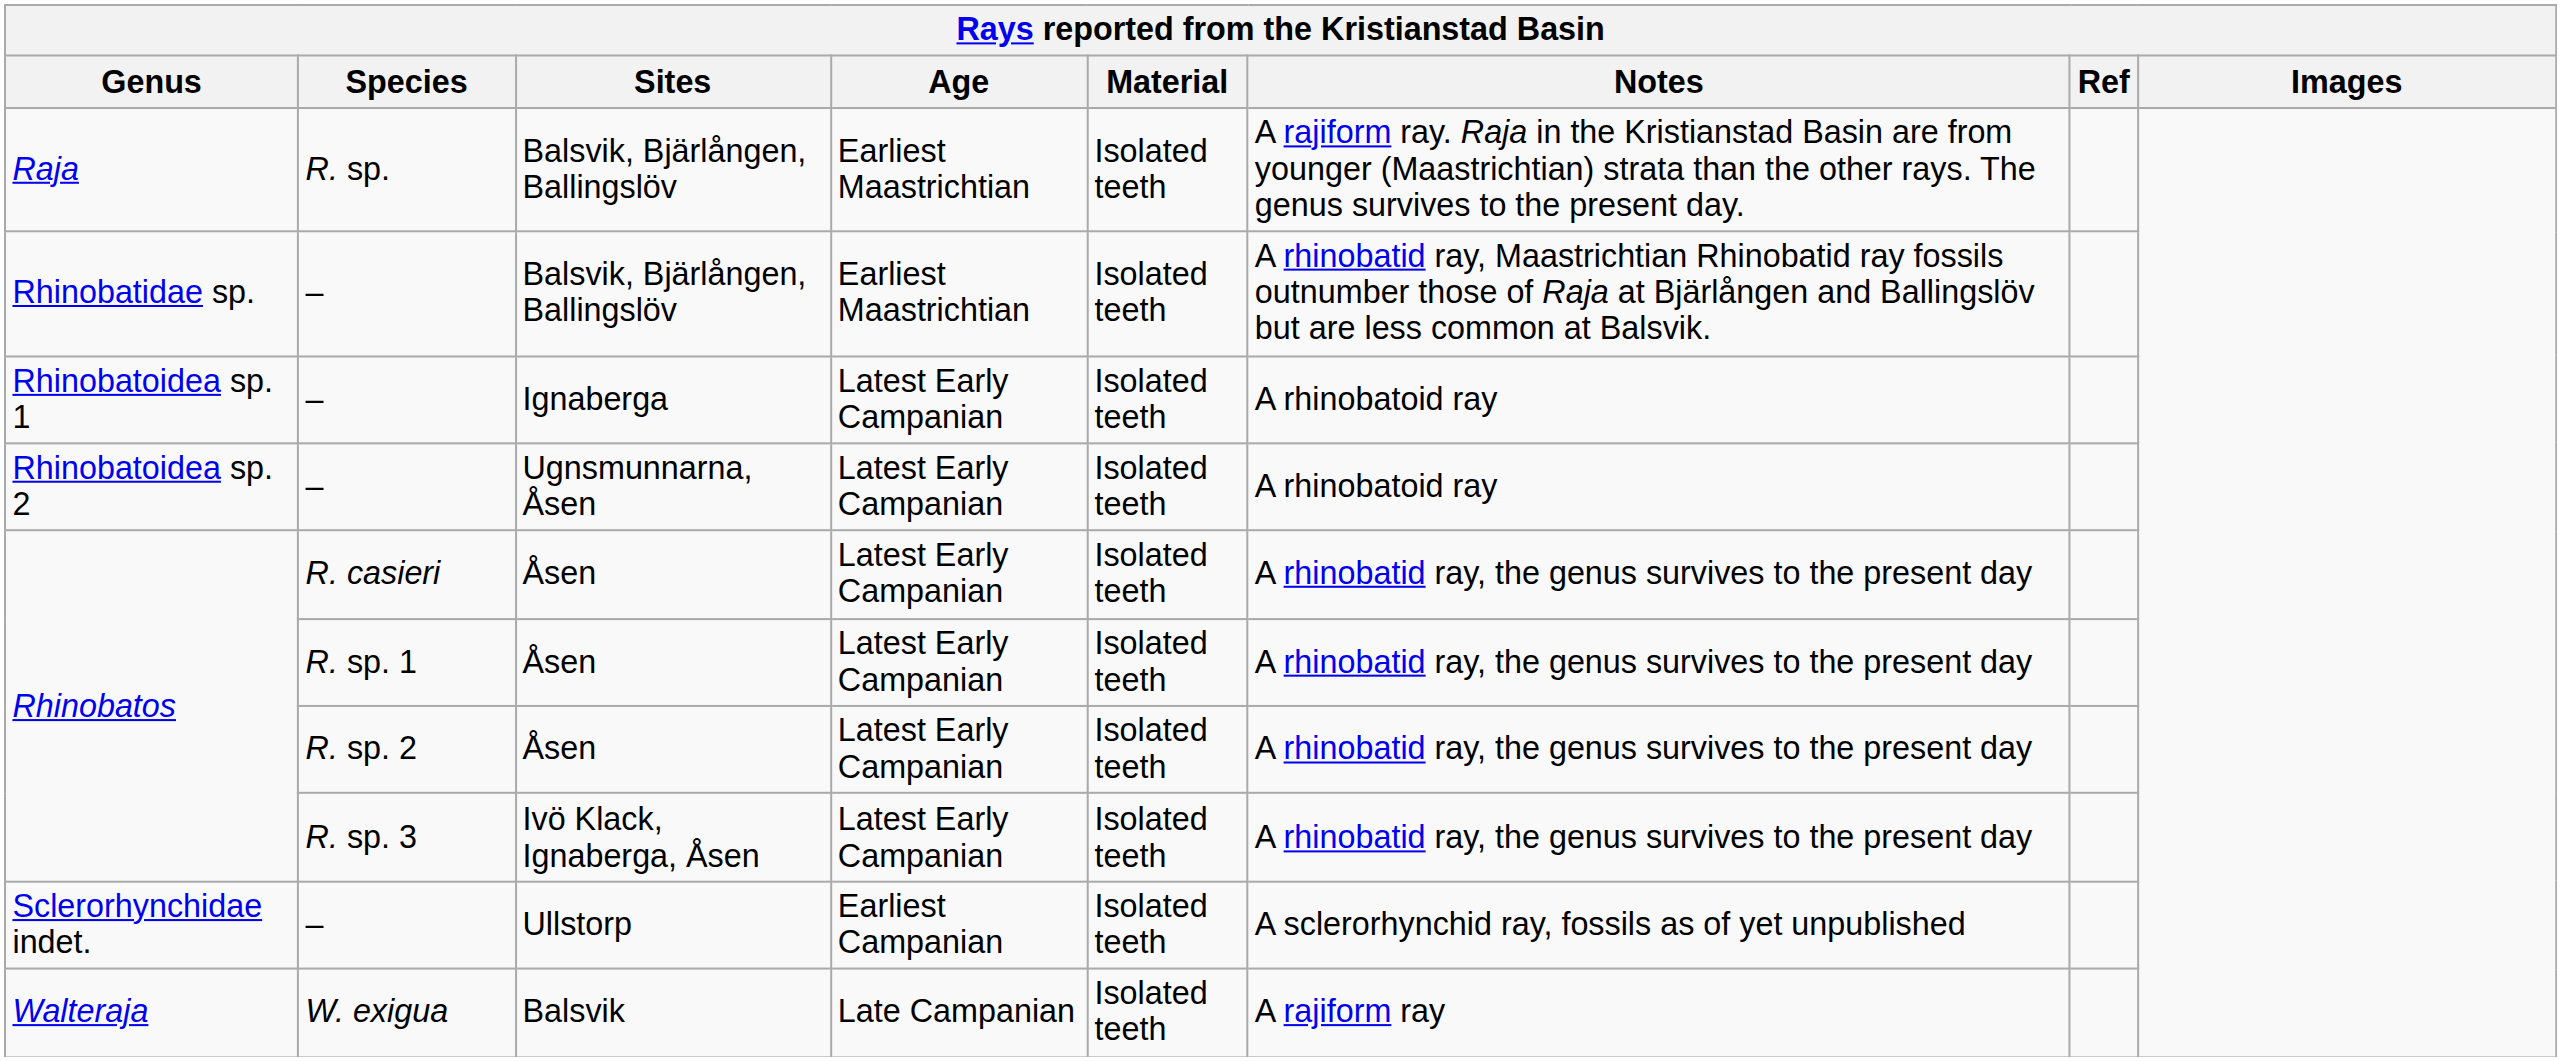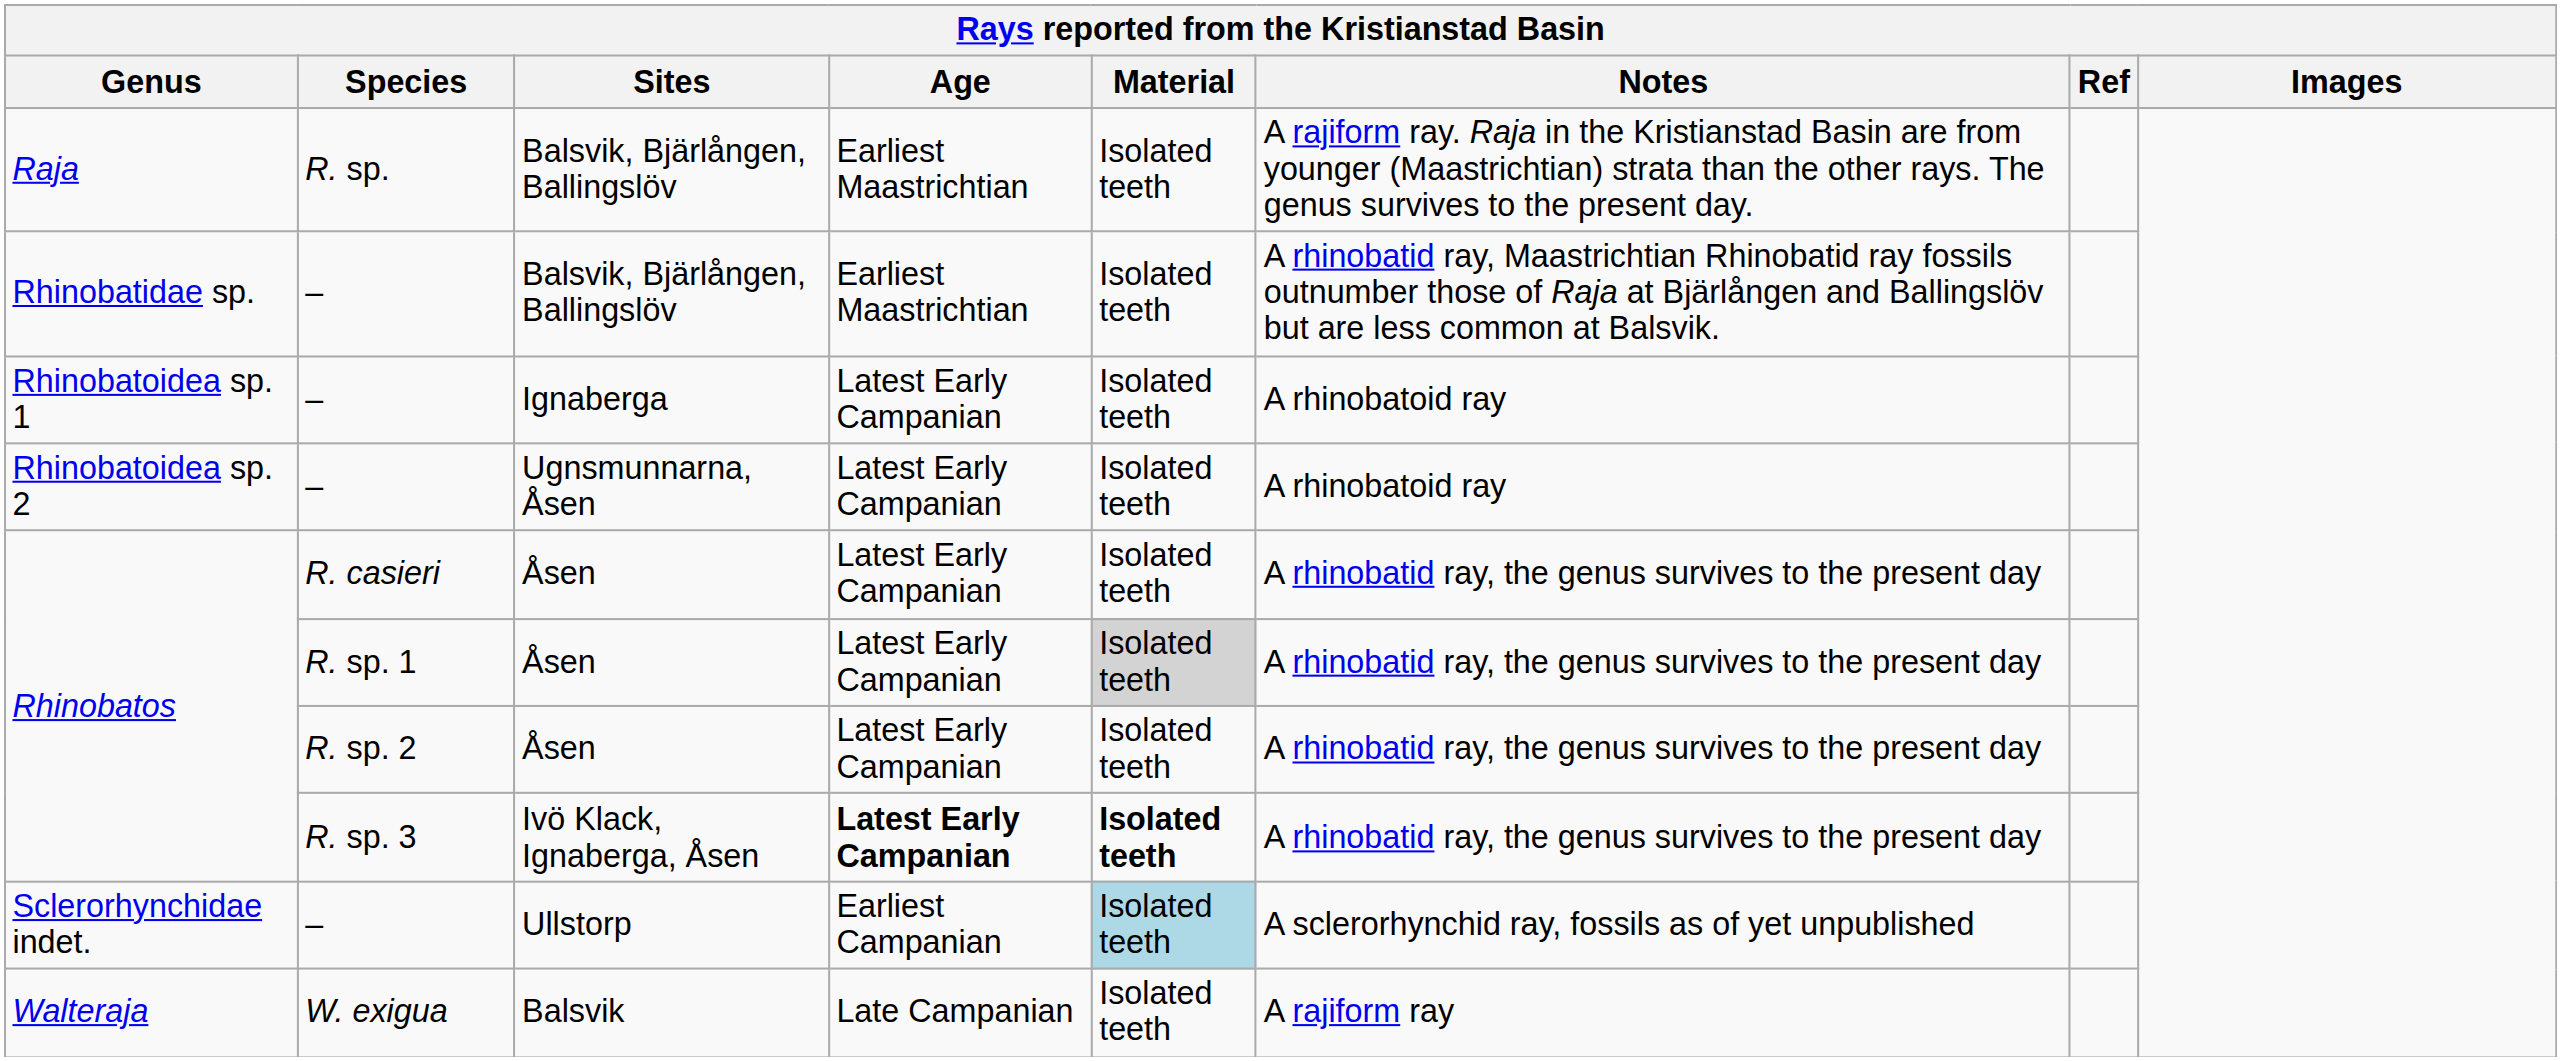 <table class="wikitable sortable mw-collapsible" style="width:100%">
 <tr>
 <th colspan="8" style="text-align:center;"><strong><a href='#'>Rays</a> reported from the Kristianstad Basin</strong></th>
 </tr>
 <tr>
 <th>Genus</th>
 <th width="100px">Species</th>
 <th>Sites</th>
 <th>Age</th>
 <th>Material</th>
 <th>Notes</th>
 <th>Ref</th>
 <th width="200px">Images</th>
 </tr>
 <tr>
 <td><em><a href='#'>Raja</a></em></td>
 <td><em>R.</em> sp.</td>
 <td>Balsvik, Bjärlången, Ballingslöv</td>
 <td>Earliest Maastrichtian</td>
 <td>Isolated teeth</td>
 <td>A <a href='#'>rajiform</a> ray. <em>Raja</em> in the Kristianstad Basin are from younger (Maastrichtian) strata than the other rays. The genus survives to the present day.</td>
 <td></td>
 <td rowspan="10"><br> </td>
 </tr>
 <tr>
 <td><a href='#'>Rhinobatidae</a> sp.</td>
 <td>–</td>
 <td>Balsvik, Bjärlången, Ballingslöv</td>
 <td>Earliest Maastrichtian</td>
 <td>Isolated teeth</td>
 <td>A <a href='#'>rhinobatid</a> ray, Maastrichtian Rhinobatid ray fossils outnumber those of <em>Raja</em> at Bjärlången and Ballingslöv but are less common at Balsvik.</td>
 <td></td>
 </tr>
 <tr>
 <td><a href='#'>Rhinobatoidea</a> sp. 1</td>
 <td>–</td>
 <td>Ignaberga</td>
 <td>Latest Early Campanian</td>
 <td>Isolated teeth</td>
 <td>A rhinobatoid ray</td>
 <td></td>
 </tr>
 <tr>
 <td><a href='#'>Rhinobatoidea</a> sp. 2</td>
 <td>–</td>
 <td>Ugnsmunnarna, Åsen</td>
 <td>Latest Early Campanian</td>
 <td>Isolated teeth</td>
 <td>A rhinobatoid ray</td>
 <td></td>
 </tr>
 <tr>
 <td rowspan="4"><em><a href='#'>Rhinobatos</a></em></td>
 <td><em>R. casieri</em></td>
 <td>Åsen</td>
 <td>Latest Early Campanian</td>
 <td>Isolated teeth</td>
 <td>A <a href='#'>rhinobatid</a> ray, the genus survives to the present day</td>
 <td></td>
 </tr>
 <tr>
 <td><em>R.</em> sp. 1</td>
 <td>Åsen</td>
 <td>Latest Early Campanian</td>
-<td>Isolated teeth</td>
+<td style="background: lightgrey;">Isolated teeth</td>
 <td>A <a href='#'>rhinobatid</a> ray, the genus survives to the present day</td>
 <td></td>
 </tr>
 <tr>
 <td><em>R.</em> sp. 2</td>
 <td>Åsen</td>
 <td>Latest Early Campanian</td>
 <td>Isolated teeth</td>
 <td>A <a href='#'>rhinobatid</a> ray, the genus survives to the present day</td>
 <td></td>
 </tr>
 <tr>
 <td><em>R.</em> sp. 3</td>
 <td>Ivö Klack, Ignaberga, Åsen</td>
-<td>Latest Early Campanian</td>
-<td>Isolated teeth</td>
+<td><strong>Latest Early Campanian</strong></td>
+<td><strong>Isolated teeth</strong></td>
 <td>A <a href='#'>rhinobatid</a> ray, the genus survives to the present day</td>
 <td></td>
 </tr>
 <tr>
 <td><a href='#'>Sclerorhynchidae</a> indet.</td>
 <td>–</td>
 <td>Ullstorp</td>
 <td>Earliest Campanian</td>
-<td>Isolated teeth</td>
+<td style="background: lightblue;">Isolated teeth</td>
 <td>A sclerorhynchid ray, fossils as of yet unpublished</td>
 <td></td>
 </tr>
 <tr>
 <td><em><a href='#'>Walteraja</a></em></td>
 <td><em>W. exigua</em></td>
 <td>Balsvik</td>
 <td>Late Campanian</td>
 <td>Isolated teeth</td>
 <td>A <a href='#'>rajiform</a> ray</td>
 <td></td>
 </tr>
 </table>
